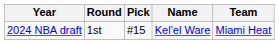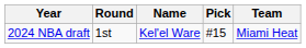 <table class=wikitable "border="1">
 <tr align=center>
 <th>Year</th>
 <th>Round</th>
+<th>Name</th>
 <th>Pick</th>
-<th>Name</th>
 <th>Team</th>
 </tr>
 <tr>
 <td rowspan=1><a href='#'>2024 NBA draft</a></td>
 <td>1st</td>
+<td><a href='#'>Kel'el Ware</a></td>
 <td>#15</td>
-<td><a href='#'>Kel'el Ware</a></td>
 <td><a href='#'>Miami Heat</a></td>
 </tr>
 </table>
